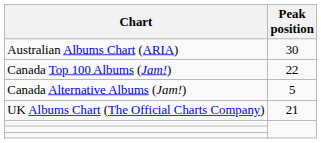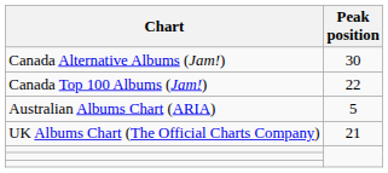 <table class="wikitable">
 <tr>
 <th>Chart</th>
 <th>Peak<br> position<br></th>
 </tr>
 <tr>
-<td>Australian <a href='#'>Albums Chart</a> (<a href='#'>ARIA</a>)</td>
+<td>Canada <a href='#'>Alternative Albums</a> (<em>Jam!</em>)</td>
 <td align="center">30</td>
 </tr>
 <tr>
 <td>Canada <a href='#'>Top 100 Albums</a> (<em><a href='#'>Jam!</a></em>)</td>
 <td align="center">22</td>
 </tr>
 <tr>
-<td>Canada <a href='#'>Alternative Albums</a> (<em>Jam!</em>)</td>
+<td>Australian <a href='#'>Albums Chart</a> (<a href='#'>ARIA</a>)</td>
 <td align="center">5</td>
 </tr>
 <tr>
 <td>UK <a href='#'>Albums Chart</a> (<a href='#'>The Official Charts Company</a>)</td>
 <td align="center">21</td>
 </tr>
 <tr>
 <td></td>
 </tr>
 <tr>
 <td></td>
 </tr>
 <tr>
 <td></td>
 </tr>
 </table>
